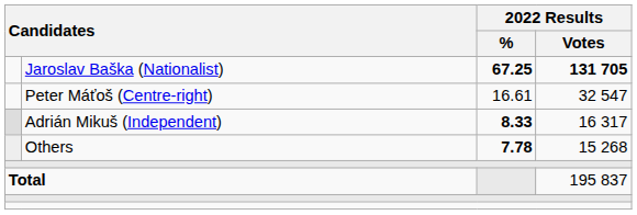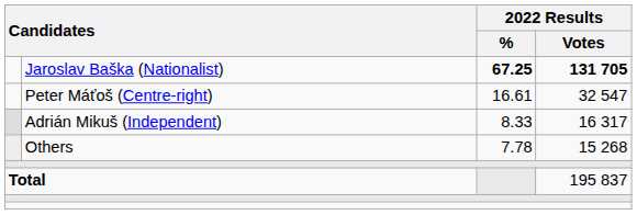 <table class="wikitable" style="text-align:right; font-size:97%;">
 <tr>
 <th style="text-align:left;" rowspan="2" colspan="2" width="450">Candidates</th>
 <th colspan="2">2022 Results</th>
 </tr>
 <tr>
 <th width="50">%</th>
 <th width="85">Votes</th>
 </tr>
 <tr>
 <td style="color:inherit;background:"></td>
 <td align="left"><a href='#'>Jaroslav Baška</a> (<a href='#'>Nationalist</a>)</td>
 <td><strong>67.25</strong></td>
 <td><strong>131 705</strong></td>
 </tr>
 <tr>
 <td style="color:inherit;background:"></td>
 <td align="left">Peter Máťoš (<a href='#'>Centre-right</a>)</td>
 <td>16.61</td>
 <td>32 547</td>
 </tr>
 <tr>
 <td style="color:inherit;background:#dddddd"></td>
 <td align="left">Adrián Mikuš (<a href='#'>Independent</a>)</td>
-<td><strong>8.33</strong></td>
+<td>8.33</td>
 <td>16 317</td>
 </tr>
 <tr>
 <td style="color:inherit;background:#eeeeee"></td>
 <td align="left">Others</td>
-<td><strong>7.78</strong></td>
+<td>7.78</td>
 <td>15 268</td>
 </tr>
 <tr>
 <td colspan="4" bgcolor="#E9E9E9"></td>
 </tr>
 <tr>
 <td align="left" colspan="2"><strong>Total</strong></td>
 <td bgcolor="#E9E9E9"></td>
 <td>195 837</td>
 </tr>
 <tr>
 <td colspan="4" bgcolor="#E9E9E9"></td>
 </tr>
 <tr>
 <td colspan="4"></td>
 </tr>
 </table>
